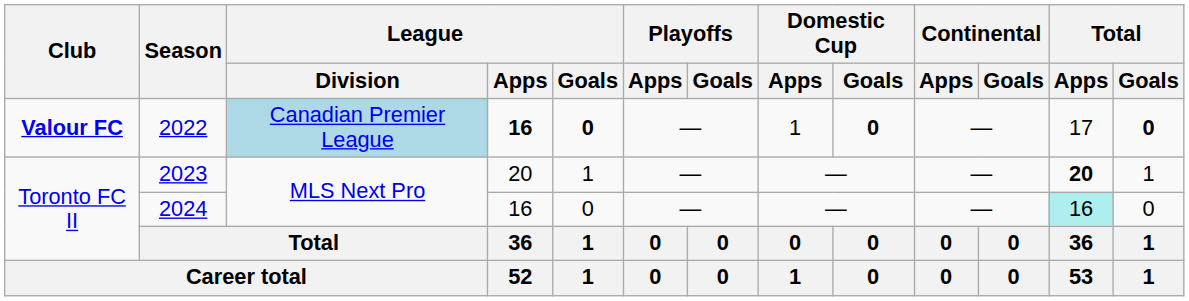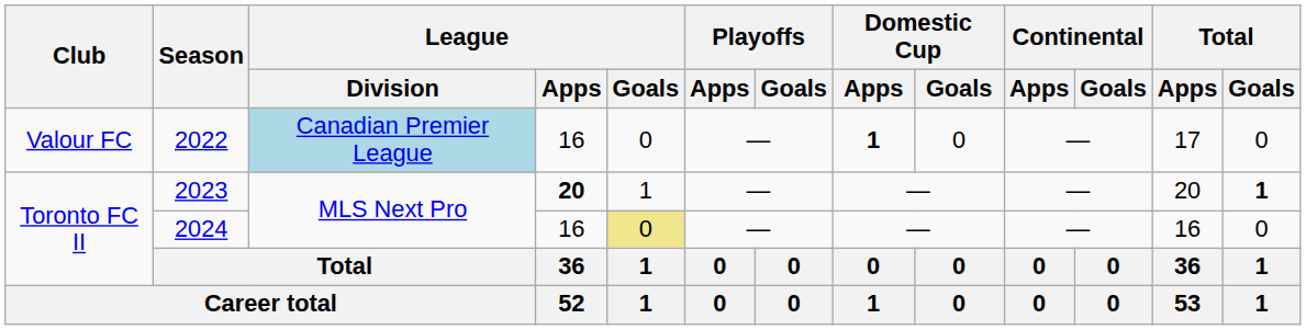 <table class="wikitable" style="text-align: center">
 <tr>
 <th rowspan="2">Club</th>
 <th rowspan="2">Season</th>
 <th colspan="3">League</th>
 <th colspan="2">Playoffs</th>
 <th colspan="2">Domestic Cup</th>
 <th colspan="2">Continental</th>
 <th colspan="2">Total</th>
 </tr>
 <tr>
 <th>Division</th>
 <th>Apps</th>
 <th>Goals</th>
 <th>Apps</th>
 <th>Goals</th>
 <th>Apps</th>
 <th>Goals</th>
 <th>Apps</th>
 <th>Goals</th>
 <th>Apps</th>
 <th>Goals</th>
 </tr>
 <tr>
-<td><strong><a href='#'>Valour FC</a></strong></td>
+<td><a href='#'>Valour FC</a></td>
 <td><a href='#'>2022</a></td>
 <td style="background: lightblue;"><a href='#'>Canadian Premier League</a></td>
-<td><strong>16</strong></td>
-<td><strong>0</strong></td>
+<td>16</td>
+<td>0</td>
 <td colspan=2>—</td>
-<td>1</td>
-<td><strong>0</strong></td>
+<td><strong>1</strong></td>
+<td>0</td>
 <td colspan="2">—</td>
 <td>17</td>
-<td><strong>0</strong></td>
+<td>0</td>
 </tr>
 <tr>
 <td rowspan=3><a href='#'>Toronto FC II</a></td>
 <td><a href='#'>2023</a></td>
 <td rowspan=2><a href='#'>MLS Next Pro</a></td>
-<td>20</td>
+<td><strong>20</strong></td>
 <td>1</td>
 <td colspan=2>—</td>
 <td colspan=2>—</td>
 <td colspan="2">—</td>
-<td><strong>20</strong></td>
-<td>1</td>
+<td>20</td>
+<td><strong>1</strong></td>
 </tr>
 <tr>
 <td><a href='#'>2024</a></td>
 <td>16</td>
-<td>0</td>
+<td style="background: khaki;">0</td>
 <td colspan=2>—</td>
 <td colspan=2>—</td>
 <td colspan="2">—</td>
-<td style="background: paleturquoise;">16</td>
+<td>16</td>
 <td>0</td>
 </tr>
 <tr>
 <th colspan="2"><strong>Total</strong></th>
 <th>36</th>
 <th>1</th>
 <th>0</th>
 <th>0</th>
 <th>0</th>
 <th>0</th>
 <th>0</th>
 <th>0</th>
 <th>36</th>
 <th>1</th>
 </tr>
 <tr>
 <th colspan="3"><strong>Career total</strong></th>
 <th>52</th>
 <th>1</th>
 <th>0</th>
 <th>0</th>
 <th>1</th>
 <th>0</th>
 <th>0</th>
 <th>0</th>
 <th>53</th>
 <th>1</th>
 </tr>
 </table>
